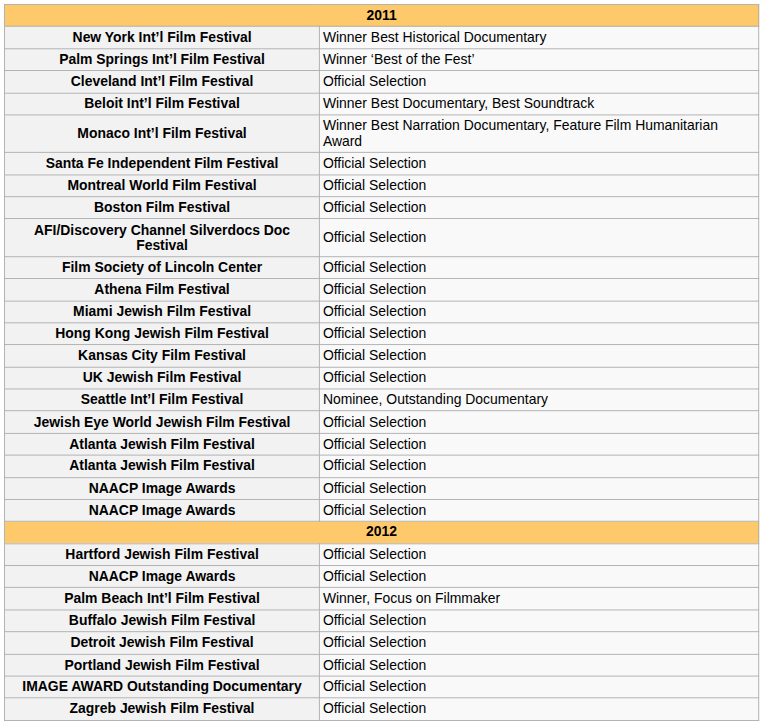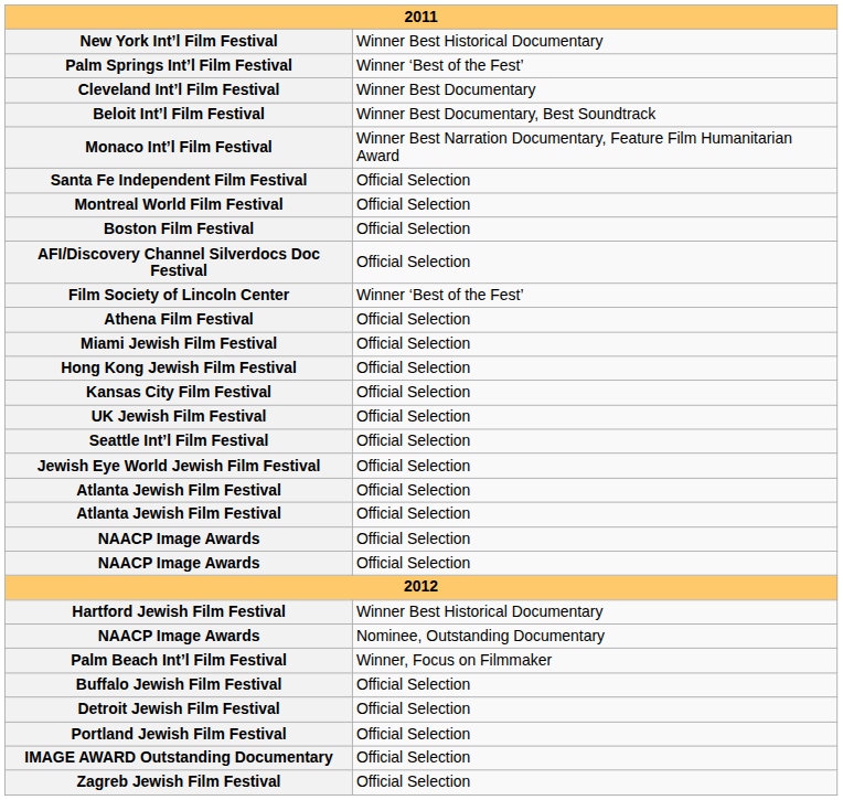 <table class="wikitable">
 <tr>
 <th colspan="2" style="background:#fec96b">2011</th>
 </tr>
 <tr>
 <th>New York Int’l Film Festival</th>
 <td>Winner Best Historical Documentary</td>
 </tr>
 <tr>
 <th>Palm Springs Int’l Film Festival</th>
 <td>Winner ‘Best of the Fest’</td>
 </tr>
 <tr>
 <th>Cleveland Int’l Film Festival</th>
-<td>Official Selection</td>
+<td>Winner Best Documentary</td>
 </tr>
 <tr>
 <th>Beloit Int’l Film Festival</th>
 <td>Winner Best Documentary, Best Soundtrack</td>
 </tr>
 <tr>
 <th>Monaco Int’l Film Festival</th>
 <td>Winner Best Narration Documentary, Feature Film Humanitarian Award</td>
 </tr>
 <tr>
 <th>Santa Fe Independent Film Festival</th>
 <td>Official Selection</td>
 </tr>
 <tr>
 <th>Montreal World Film Festival</th>
 <td>Official Selection</td>
 </tr>
 <tr>
 <th>Boston Film Festival</th>
 <td>Official Selection</td>
 </tr>
 <tr>
 <th>AFI/Discovery Channel Silverdocs Doc Festival</th>
 <td>Official Selection</td>
 </tr>
 <tr>
 <th>Film Society of Lincoln Center</th>
-<td>Official Selection</td>
+<td>Winner ‘Best of the Fest’</td>
 </tr>
 <tr>
 <th>Athena Film Festival</th>
 <td>Official Selection</td>
 </tr>
 <tr>
 <th>Miami Jewish Film Festival</th>
 <td>Official Selection</td>
 </tr>
 <tr>
 <th>Hong Kong Jewish Film Festival</th>
 <td>Official Selection</td>
 </tr>
 <tr>
 <th>Kansas City Film Festival</th>
 <td>Official Selection</td>
 </tr>
 <tr>
 <th>UK Jewish Film Festival</th>
 <td>Official Selection</td>
 </tr>
 <tr>
 <th>Seattle Int’l Film Festival</th>
-<td>Nominee, Outstanding Documentary</td>
+<td>Official Selection</td>
 </tr>
 <tr>
 <th>Jewish Eye World Jewish Film Festival</th>
 <td>Official Selection</td>
 </tr>
 <tr>
 <th>Atlanta Jewish Film Festival</th>
 <td>Official Selection</td>
 </tr>
 <tr>
 <th>Atlanta Jewish Film Festival</th>
 <td>Official Selection</td>
 </tr>
 <tr>
 <th>NAACP Image Awards</th>
 <td>Official Selection</td>
 </tr>
 <tr>
 <th>NAACP Image Awards</th>
 <td>Official Selection</td>
 </tr>
 <tr>
 <th colspan="2" style="background:#fec96b">2012</th>
 </tr>
 <tr>
 <th>Hartford Jewish Film Festival</th>
-<td>Official Selection</td>
+<td>Winner Best Historical Documentary</td>
 </tr>
 <tr>
 <th>NAACP Image Awards</th>
-<td>Official Selection</td>
+<td>Nominee, Outstanding Documentary</td>
 </tr>
 <tr>
 <th>Palm Beach Int’l Film Festival</th>
 <td>Winner, Focus on Filmmaker</td>
 </tr>
 <tr>
 <th>Buffalo Jewish Film Festival</th>
 <td>Official Selection</td>
 </tr>
 <tr>
 <th>Detroit Jewish Film Festival</th>
 <td>Official Selection</td>
 </tr>
 <tr>
 <th>Portland Jewish Film Festival</th>
 <td>Official Selection</td>
 </tr>
 <tr>
 <th>IMAGE AWARD Outstanding Documentary</th>
 <td>Official Selection</td>
 </tr>
 <tr>
 <th>Zagreb Jewish Film Festival</th>
 <td>Official Selection</td>
 </tr>
 </table>
